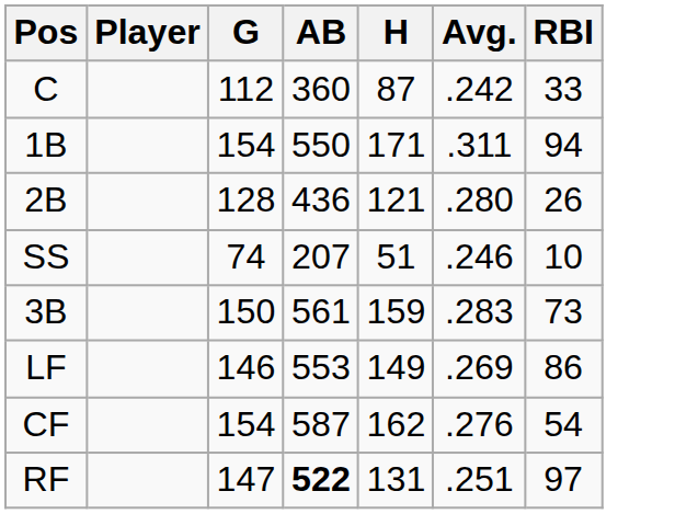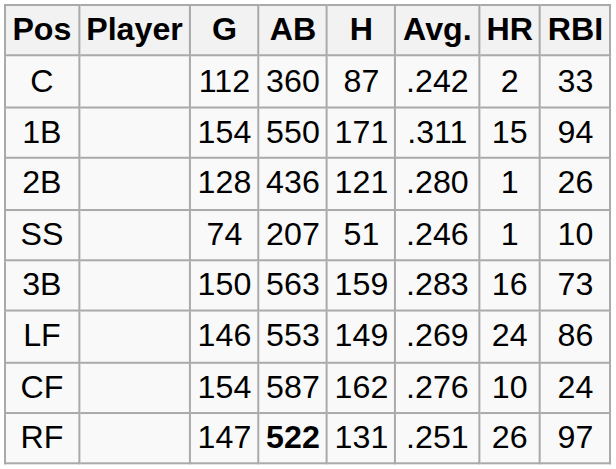 <table class="wikitable sortable">
 <tr>
 <th>Pos</th>
 <th>Player</th>
 <th>G</th>
 <th>AB</th>
 <th>H</th>
 <th>Avg.</th>
+<th>HR</th>
 <th>RBI</th>
 </tr>
 <tr align="center">
 <td>C</td>
 <td></td>
 <td>112</td>
 <td>360</td>
 <td>87</td>
 <td>.242</td>
+<td>2</td>
 <td>33</td>
 </tr>
 <tr align="center">
 <td>1B</td>
 <td></td>
 <td>154</td>
 <td>550</td>
 <td>171</td>
 <td>.311</td>
+<td>15</td>
 <td>94</td>
 </tr>
 <tr align="center">
 <td>2B</td>
 <td></td>
 <td>128</td>
 <td>436</td>
 <td>121</td>
 <td>.280</td>
+<td>1</td>
 <td>26</td>
 </tr>
 <tr align="center">
 <td>SS</td>
 <td></td>
 <td>74</td>
 <td>207</td>
 <td>51</td>
 <td>.246</td>
+<td>1</td>
 <td>10</td>
 </tr>
 <tr align="center">
 <td>3B</td>
 <td></td>
 <td>150</td>
-<td>561</td>
+<td>563</td>
 <td>159</td>
 <td>.283</td>
+<td>16</td>
 <td>73</td>
 </tr>
 <tr align="center">
 <td>LF</td>
 <td></td>
 <td>146</td>
 <td>553</td>
 <td>149</td>
 <td>.269</td>
+<td>24</td>
 <td>86</td>
 </tr>
 <tr align="center">
 <td>CF</td>
 <td></td>
 <td>154</td>
 <td>587</td>
 <td>162</td>
 <td>.276</td>
-<td>54</td>
+<td>10</td>
+<td>24</td>
 </tr>
 <tr align="center">
 <td>RF</td>
 <td></td>
 <td>147</td>
 <td><strong>522</strong></td>
 <td>131</td>
 <td>.251</td>
+<td>26</td>
 <td>97</td>
 </tr>
 </table>
